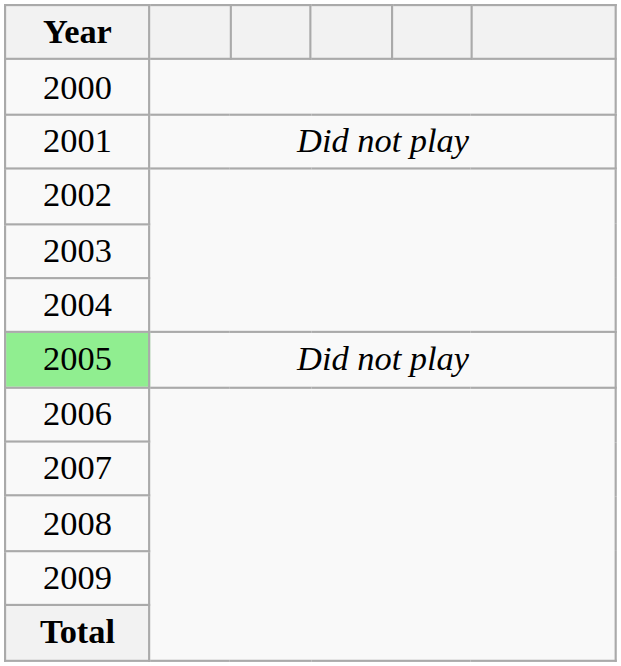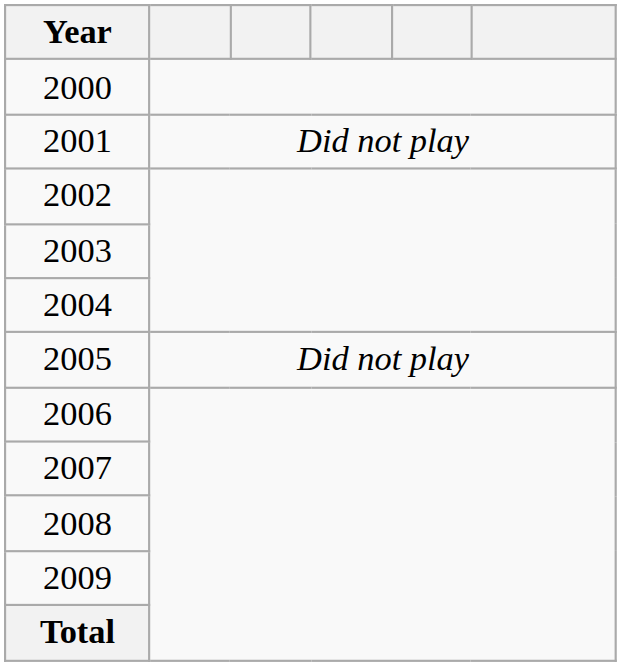 <table class="wikitable" style="text-align: center">
 <tr>
 <th width="60">Year</th>
 <th width="30"></th>
 <th width="30"></th>
 <th width="30"></th>
 <th width="30"></th>
 <th width="60"></th>
 </tr>
 <tr>
 <td>2000<br></td>
 </tr>
 <tr>
 <td>2001</td>
 <td colspan="5"><em>Did not play</em></td>
 </tr>
 <tr>
 <td>2002<br></td>
 </tr>
 <tr>
 <td>2003<br></td>
 </tr>
 <tr>
 <td>2004<br></td>
 </tr>
 <tr>
-<td style="background: lightgreen;">2005</td>
+<td>2005</td>
 <td colspan="5"><em>Did not play</em></td>
 </tr>
 <tr>
 <td>2006<br></td>
 </tr>
 <tr>
 <td>2007<br></td>
 </tr>
 <tr>
 <td>2008<br></td>
 </tr>
 <tr>
 <td>2009<br></td>
 </tr>
 <tr>
 <th>Total<br></th>
 </tr>
 </table>
